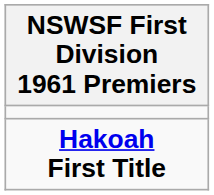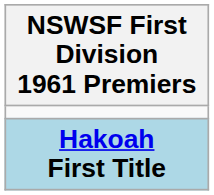 <table class="wikitable" style="text-align: center; margin: 0 auto; width: 20%">
 <tr>
 <th>NSWSF First Division<br>1961 Premiers</th>
 </tr>
 <tr>
 <td></td>
 </tr>
 <tr>
-<td><strong><a href='#'>Hakoah</a></strong><br><strong>First Title</strong></td>
+<td style="background: lightblue;"><strong><a href='#'>Hakoah</a></strong><br><strong>First Title</strong></td>
 </tr>
 </table>
